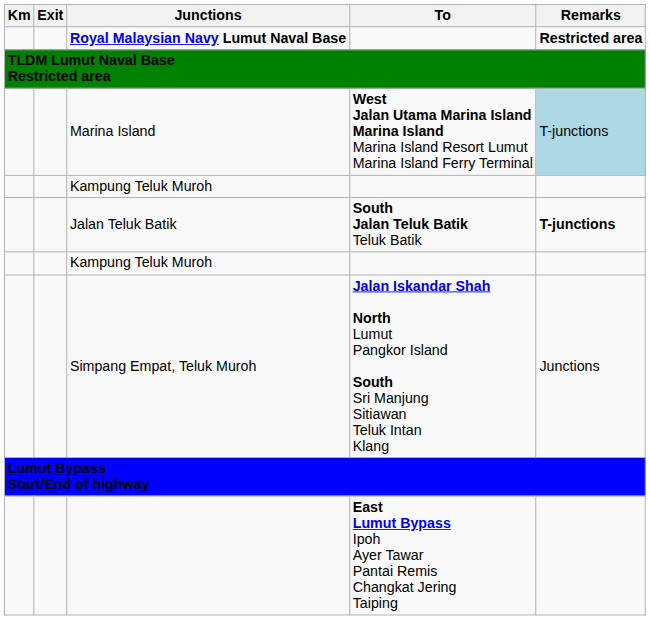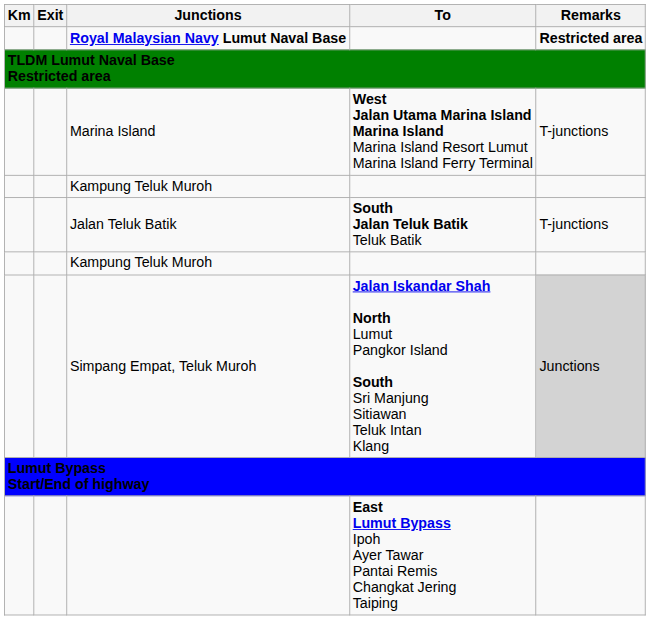 <table class="wikitable">
 <tr>
 <th>Km</th>
 <th>Exit</th>
 <th>Junctions</th>
 <th>To</th>
 <th>Remarks</th>
 </tr>
 <tr>
 <td></td>
 <td></td>
 <td><strong><a href='#'>Royal Malaysian Navy</a> Lumut Naval Base</strong></td>
 <td></td>
 <td><strong><span>Restricted area</span></strong></td>
 </tr>
 <tr>
 <td style="width:600px" colspan="6" style="text-align:center" bgcolor="green"><strong><span>TLDM Lumut Naval Base</span></strong><br><strong><span>Restricted area</span></strong></td>
 </tr>
 <tr>
 <td></td>
 <td></td>
 <td>Marina Island</td>
 <td><strong>West</strong><br><strong>Jalan Utama Marina Island</strong><br><strong>Marina Island</strong><br>Marina Island Resort Lumut<br>Marina Island Ferry Terminal </td>
-<td style="background: lightblue;">T-junctions</td>
+<td>T-junctions</td>
 </tr>
 <tr>
 <td></td>
 <td></td>
 <td>Kampung Teluk Muroh</td>
 <td></td>
 <td></td>
 </tr>
 <tr>
 <td></td>
 <td></td>
 <td>Jalan Teluk Batik</td>
 <td><strong>South</strong><br><strong>Jalan Teluk Batik</strong><br>Teluk Batik</td>
-<td><strong>T-junctions</strong></td>
+<td>T-junctions</td>
 </tr>
 <tr>
 <td></td>
 <td></td>
 <td>Kampung Teluk Muroh</td>
 <td></td>
 <td></td>
 </tr>
 <tr>
 <td></td>
 <td></td>
 <td>Simpang Empat, Teluk Muroh</td>
 <td> <strong><a href='#'>Jalan Iskandar Shah</a></strong><br><br><strong>North</strong><br> Lumut<br> Pangkor Island<br><br><strong>South</strong><br> Sri Manjung<br> Sitiawan<br> Teluk Intan<br> Klang</td>
-<td>Junctions</td>
+<td style="background: lightgrey;">Junctions</td>
 </tr>
 <tr>
 <td style="width:600px" colspan="6" style="text-align:center" bgcolor="blue"><strong><span> Lumut Bypass<br>Start/End of highway</span></strong></td>
 </tr>
 <tr>
 <td></td>
 <td></td>
 <td></td>
 <td><strong>East</strong><br> <strong><a href='#'>Lumut Bypass</a></strong><br>Ipoh<br>Ayer Tawar<br>Pantai Remis<br>Changkat Jering<br>Taiping</td>
 <td></td>
 </tr>
 </table>
